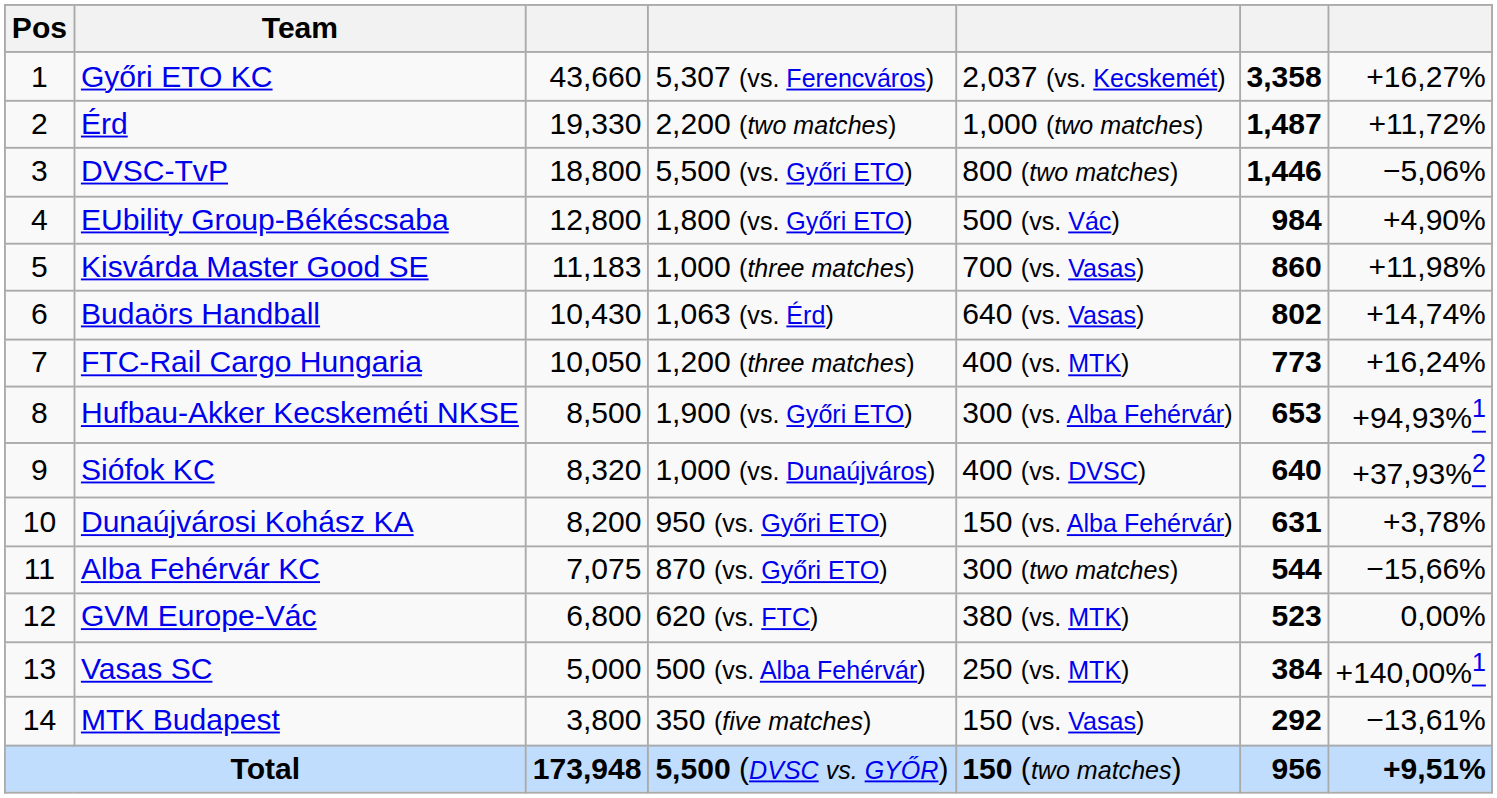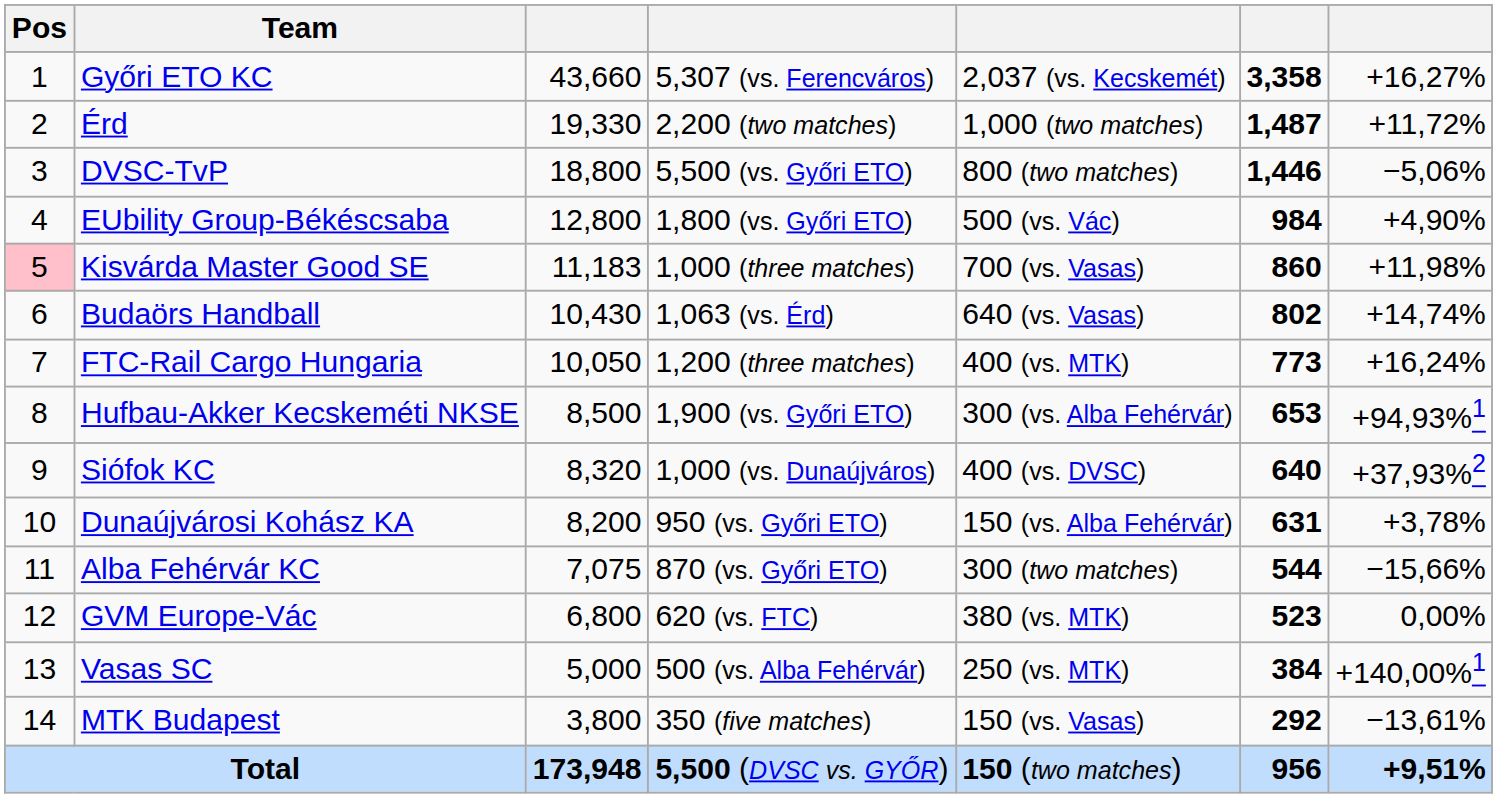 <table class="wikitable" style="text-align:right">
 <tr>
 <th>Pos</th>
 <th>Team</th>
 <th></th>
 <th></th>
 <th></th>
 <th></th>
 <th></th>
 </tr>
 <tr>
 <td align="center">1</td>
 <td align="left"><a href='#'>Győri ETO KC</a></td>
 <td> 43,660</td>
 <td align="left">5,307 <small>(vs. <a href='#'>Ferencváros</a>)</small></td>
 <td align="left">2,037 <small>(vs. <a href='#'>Kecskemét</a>)</small></td>
 <td><strong>3,358</strong></td>
 <td>+16,27%</td>
 </tr>
 <tr>
 <td align="center">2</td>
 <td align="left"><a href='#'>Érd</a></td>
 <td> 19,330</td>
 <td align="left">2,200 <small>(<em>two matches</em>)</small></td>
 <td align="left">1,000 <small>(<em>two matches</em>)</small></td>
 <td><strong>1,487</strong></td>
 <td>+11,72%</td>
 </tr>
 <tr>
 <td align="center">3</td>
 <td align="left"><a href='#'>DVSC-TvP</a></td>
 <td> 18,800</td>
 <td align="left">5,500 <small>(vs. <a href='#'>Győri ETO</a>)</small></td>
 <td align="left">800 <small>(<em>two matches</em>)</small></td>
 <td><strong>1,446</strong></td>
 <td>−5,06%</td>
 </tr>
 <tr>
 <td align="center">4</td>
 <td align="left"><a href='#'>EUbility Group-Békéscsaba</a></td>
 <td> 12,800</td>
 <td align="left">1,800 <small>(vs. <a href='#'>Győri ETO</a>)</small></td>
 <td align="left">500 <small>(vs. <a href='#'>Vác</a>)</small></td>
 <td><strong>984</strong></td>
 <td>+4,90%</td>
 </tr>
 <tr>
-<td align="center">5</td>
+<td align="center" style="background: pink;">5</td>
 <td align="left"><a href='#'>Kisvárda Master Good SE</a></td>
 <td> 11,183</td>
 <td align="left">1,000 <small>(<em>three matches</em>)</small></td>
 <td align="left">700 <small>(vs. <a href='#'>Vasas</a>)</small></td>
 <td><strong>860</strong></td>
 <td>+11,98%</td>
 </tr>
 <tr>
 <td align="center">6</td>
 <td align="left"><a href='#'>Budaörs Handball</a></td>
 <td> 10,430</td>
 <td align="left">1,063 <small>(vs. <a href='#'>Érd</a>)</small></td>
 <td align="left">640 <small>(vs. <a href='#'>Vasas</a>)</small></td>
 <td><strong>802</strong></td>
 <td>+14,74%</td>
 </tr>
 <tr>
 <td align="center">7</td>
 <td align="left"><a href='#'>FTC-Rail Cargo Hungaria</a></td>
 <td> 10,050</td>
 <td align="left">1,200 <small>(<em>three matches</em>)</small></td>
 <td align="left">400 <small>(vs. <a href='#'>MTK</a>)</small></td>
 <td><strong>773</strong></td>
 <td>+16,24%</td>
 </tr>
 <tr>
 <td align="center">8</td>
 <td align="left"><a href='#'>Hufbau-Akker Kecskeméti NKSE</a></td>
 <td> 8,500</td>
 <td align="left">1,900 <small>(vs. <a href='#'>Győri ETO</a>)</small></td>
 <td align="left">300 <small>(vs. <a href='#'>Alba Fehérvár</a>)</small></td>
 <td><strong>653</strong></td>
 <td>+94,93%<a href='#'><sup>1</sup></a></td>
 </tr>
 <tr>
 <td align="center">9</td>
 <td align="left"><a href='#'>Siófok KC</a></td>
 <td> 8,320</td>
 <td align="left">1,000 <small>(vs. <a href='#'>Dunaújváros</a>)</small></td>
 <td align="left">400 <small>(vs. <a href='#'>DVSC</a>)</small></td>
 <td><strong>640</strong></td>
 <td>+37,93%<a href='#'><sup>2</sup></a></td>
 </tr>
 <tr>
 <td align="center">10</td>
 <td align="left"><a href='#'>Dunaújvárosi Kohász KA</a></td>
 <td> 8,200</td>
 <td align="left">950 <small>(vs. <a href='#'>Győri ETO</a>)</small></td>
 <td align="left">150 <small>(vs. <a href='#'>Alba Fehérvár</a>)</small></td>
 <td><strong>631</strong></td>
 <td>+3,78%</td>
 </tr>
 <tr>
 <td align="center">11</td>
 <td align="left"><a href='#'>Alba Fehérvár KC</a></td>
 <td> 7,075</td>
 <td align="left">870 <small>(vs. <a href='#'>Győri ETO</a>)</small></td>
 <td align="left">300 <small>(<em>two matches</em>)</small></td>
 <td><strong>544</strong></td>
 <td>−15,66%</td>
 </tr>
 <tr>
 <td align="center">12</td>
 <td align="left"><a href='#'>GVM Europe-Vác</a></td>
 <td> 6,800</td>
 <td align="left">620 <small>(vs. <a href='#'>FTC</a>)</small></td>
 <td align="left">380 <small>(vs. <a href='#'>MTK</a>)</small></td>
 <td><strong>523</strong></td>
 <td> 0,00%</td>
 </tr>
 <tr>
 <td align="center">13</td>
 <td align="left"><a href='#'>Vasas SC</a></td>
 <td> 5,000</td>
 <td align="left">500 <small>(vs. <a href='#'>Alba Fehérvár</a>)</small></td>
 <td align="left">250 <small>(vs. <a href='#'>MTK</a>)</small></td>
 <td><strong>384</strong></td>
 <td>+140,00%<a href='#'><sup>1</sup></a></td>
 </tr>
 <tr>
 <td align="center">14</td>
 <td align="left"><a href='#'>MTK Budapest</a></td>
 <td> 3,800</td>
 <td align="left">350 <small>(<em>five matches</em>)</small></td>
 <td align="left">150 <small>(vs. <a href='#'>Vasas</a>)</small></td>
 <td><strong>292</strong></td>
 <td>−13,61%</td>
 </tr>
 <tr bgcolor=#c1ddfd>
 <td align=center colspan="2"><strong>Total</strong></td>
 <td><strong>173,948</strong></td>
 <td align="left"><strong>5,500</strong> (<small><em><a href='#'>DVSC</a> vs. <a href='#'>GYŐR</a></em></small>)</td>
 <td align="left"><strong>150</strong> (<small><em>two matches</em></small>)</td>
 <td><strong>956</strong></td>
 <td><strong>+9,51%</strong></td>
 </tr>
 </table>
